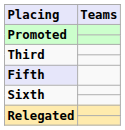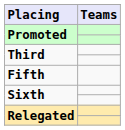 <table class=wikitable>
 <tr>
 </tr>
 <tr style="background: #E6E6FA;">
 <td><strong>Placing</strong></td>
 <td><strong>Teams</strong></td>
 </tr>
 <tr style="background: #ccffcc;">
 <td rowspan="2"><strong>Promoted</strong></td>
 <td><strong></strong></td>
 </tr>
 <tr style="background: #ccffcc;">
 <td><strong></strong></td>
 </tr>
 <tr>
 <td rowspan="2"><strong>Third</strong></td>
 <td></td>
 </tr>
 <tr>
 <td></td>
 </tr>
 <tr>
-<td style="background: lavender;"><strong>Fifth</strong></td>
+<td><strong>Fifth</strong></td>
 <td></td>
 </tr>
 <tr>
 <td rowspan="2"><strong>Sixth</strong></td>
 <td></td>
 </tr>
 <tr>
 <td></td>
 </tr>
 <tr style="background: #ffebad;">
 <td rowspan="2"><strong>Relegated</strong></td>
 <td></td>
 </tr>
 <tr style="background: #ffebad;">
 <td></td>
 </tr>
 </table>
